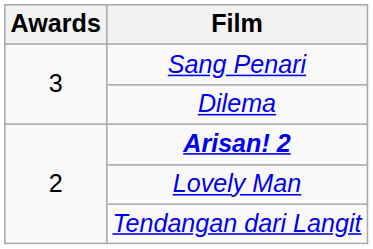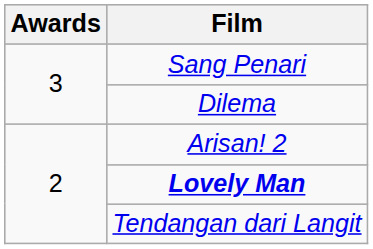 <table class="wikitable">
 <tr>
 <th>Awards</th>
 <th>Film</th>
 </tr>
 <tr>
 <td style="text-align:center" rowspan= "2">3</td>
 <td style="text-align:center"><em><a href='#'>Sang Penari</a></em></td>
 </tr>
 <tr>
 <td style="text-align:center"><em><a href='#'>Dilema</a></em></td>
 </tr>
 <tr>
 <td style="text-align:center" rowspan= "3">2</td>
-<td style="text-align:center"><strong><em><a href='#'>Arisan! 2</a></em></strong></td>
+<td style="text-align:center"><em><a href='#'>Arisan! 2</a></em></td>
 </tr>
 <tr>
-<td style="text-align:center"><em><a href='#'>Lovely Man</a></em></td>
+<td style="text-align:center"><strong><em><a href='#'>Lovely Man</a></em></strong></td>
 </tr>
 <tr>
 <td style="text-align:center"><em><a href='#'>Tendangan dari Langit</a></em></td>
 </tr>
 </table>
